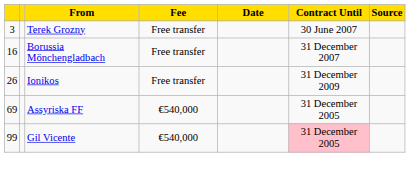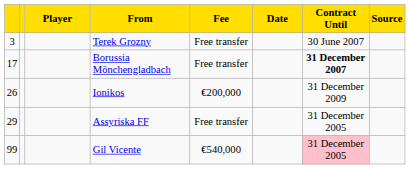 <table class="wikitable sortable">
 <tr>
 <th style="background:#FFDE00"></th>
 <th style="background:#FFDE00"></th>
+<th width=200 style="background:#FFDE00">Player</th>
 <th width=200 style="background:#FFDE00">From</th>
 <th width=150 style="background:#FFDE00">Fee</th>
 <th width=150 style="background:#FFDE00">Date</th>
 <th width=150 style="background:#FFDE00">Contract Until</th>
 <th style="background:#FFDE00">Source</th>
 </tr>
 <tr>
 <td align=center>3</td>
 <td align=center></td>
+<td></td>
 <td> <a href='#'>Terek Grozny</a></td>
 <td align=center>Free transfer</td>
 <td align=center></td>
 <td align=center>30 June 2007</td>
 <td align=center></td>
 </tr>
 <tr>
-<td align=center>16</td>
+<td align=center>17</td>
 <td align=center></td>
+<td></td>
 <td> <a href='#'>Borussia Mönchengladbach</a></td>
 <td align=center>Free transfer</td>
 <td align=center></td>
-<td align=center>31 December 2007</td>
+<td align=center><strong>31 December 2007</strong></td>
 <td align=center></td>
 </tr>
 <tr>
 <td align=center>26</td>
 <td align=center></td>
+<td></td>
 <td> <a href='#'>Ionikos</a></td>
-<td align=center>Free transfer</td>
+<td align=center>€200,000</td>
 <td align=center></td>
 <td align=center>31 December 2009</td>
 <td align=center></td>
 </tr>
 <tr>
-<td align=center>69</td>
+<td align=center>29</td>
 <td align=center></td>
+<td></td>
 <td> <a href='#'>Assyriska FF</a></td>
-<td align=center>€540,000</td>
+<td align=center>Free transfer</td>
 <td align=center></td>
 <td align=center>31 December 2005</td>
 <td align=center></td>
 </tr>
 <tr>
 <td align=center>99</td>
 <td align=center></td>
+<td></td>
 <td> <a href='#'>Gil Vicente</a></td>
 <td align=center>€540,000</td>
 <td align=center></td>
 <td align=center style="background: pink;">31 December 2005</td>
 <td align=center></td>
 </tr>
 </table>
